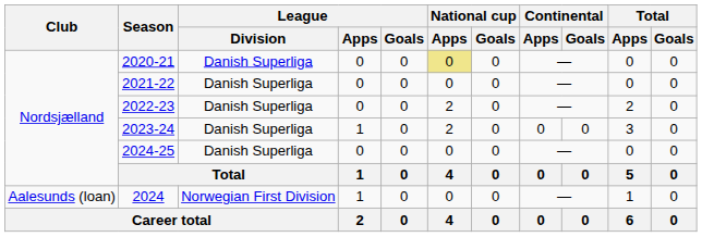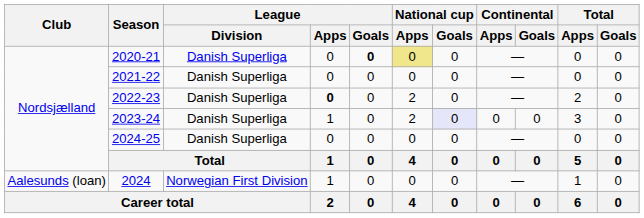 <table class="wikitable" style="text-align: center;">
 <tr>
 <th rowspan="2">Club</th>
 <th rowspan="2">Season</th>
 <th colspan="3">League</th>
 <th colspan="2">National cup</th>
 <th colspan="2">Continental</th>
 <th colspan="2">Total</th>
 </tr>
 <tr>
 <th>Division</th>
 <th>Apps</th>
 <th>Goals</th>
 <th>Apps</th>
 <th>Goals</th>
 <th>Apps</th>
 <th>Goals</th>
 <th>Apps</th>
 <th>Goals</th>
 </tr>
 <tr>
 <td rowspan="6"><a href='#'>Nordsjælland</a></td>
 <td><a href='#'>2020-21</a></td>
 <td><a href='#'>Danish Superliga</a></td>
 <td>0</td>
-<td>0</td>
+<td><strong>0</strong></td>
 <td style="background: khaki;">0</td>
 <td>0</td>
 <td colspan="2">—</td>
 <td>0</td>
 <td>0</td>
 </tr>
 <tr>
 <td><a href='#'>2021-22</a></td>
 <td>Danish Superliga</td>
 <td>0</td>
 <td>0</td>
 <td>0</td>
 <td>0</td>
 <td colspan="2">—</td>
 <td>0</td>
 <td>0</td>
 </tr>
 <tr>
 <td><a href='#'>2022-23</a></td>
 <td>Danish Superliga</td>
-<td>0</td>
+<td><strong>0</strong></td>
 <td>0</td>
 <td>2</td>
 <td>0</td>
 <td colspan="2">—</td>
 <td>2</td>
 <td>0</td>
 </tr>
 <tr>
 <td><a href='#'>2023-24</a></td>
 <td>Danish Superliga</td>
 <td>1</td>
 <td>0</td>
 <td>2</td>
-<td>0</td>
+<td style="background: lavender;">0</td>
 <td>0</td>
 <td>0</td>
 <td>3</td>
 <td>0</td>
 </tr>
 <tr>
 <td><a href='#'>2024-25</a></td>
 <td>Danish Superliga</td>
 <td>0</td>
 <td>0</td>
 <td>0</td>
 <td>0</td>
 <td colspan="2">—</td>
 <td>0</td>
 <td>0</td>
 </tr>
 <tr>
 <th colspan="2">Total</th>
 <th>1</th>
 <th>0</th>
 <th>4</th>
 <th>0</th>
 <th>0</th>
 <th>0</th>
 <th>5</th>
 <th>0</th>
 </tr>
 <tr>
 <td><a href='#'>Aalesunds</a> (loan)</td>
 <td><a href='#'>2024</a></td>
 <td><a href='#'>Norwegian First Division</a></td>
 <td>1</td>
 <td>0</td>
 <td>0</td>
 <td>0</td>
 <td colspan="2">—</td>
 <td>1</td>
 <td>0</td>
 </tr>
 <tr>
 <th colspan="3">Career total</th>
 <th>2</th>
 <th>0</th>
 <th>4</th>
 <th>0</th>
 <th>0</th>
 <th>0</th>
 <th>6</th>
 <th>0</th>
 </tr>
 </table>
